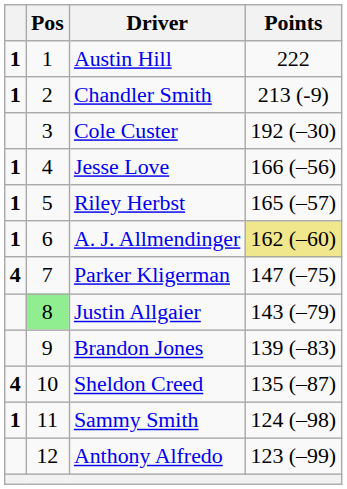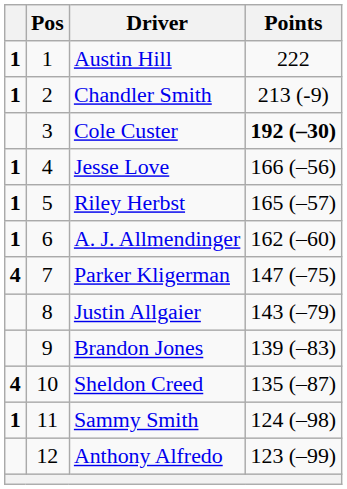 <table class="wikitable" style="font-size: 95%;">
 <tr>
 <th></th>
 <th>Pos</th>
 <th>Driver</th>
 <th>Points</th>
 </tr>
 <tr>
 <td align="left"> <strong>1</strong></td>
 <td style="text-align:center;">1</td>
 <td><a href='#'>Austin Hill</a></td>
 <td style="text-align:center;">222</td>
 </tr>
 <tr>
 <td align="left"> <strong>1</strong></td>
 <td style="text-align:center;">2</td>
 <td><a href='#'>Chandler Smith</a></td>
 <td style="text-align:center;">213 (-9)</td>
 </tr>
 <tr>
 <td align="left"></td>
 <td style="text-align:center;">3</td>
 <td><a href='#'>Cole Custer</a></td>
-<td style="text-align:center;">192 (–30)</td>
+<td style="text-align:center;"><strong>192 (–30)</strong></td>
 </tr>
 <tr>
 <td align="left"> <strong>1</strong></td>
 <td style="text-align:center;">4</td>
 <td><a href='#'>Jesse Love</a></td>
 <td style="text-align:center;">166 (–56)</td>
 </tr>
 <tr>
 <td align="left"> <strong>1</strong></td>
 <td style="text-align:center;">5</td>
 <td><a href='#'>Riley Herbst</a></td>
 <td style="text-align:center;">165 (–57)</td>
 </tr>
 <tr>
 <td align="left"> <strong>1</strong></td>
 <td style="text-align:center;">6</td>
 <td><a href='#'>A. J. Allmendinger</a></td>
-<td style="background: khaki; text-align:center;">162 (–60)</td>
+<td style="text-align:center;">162 (–60)</td>
 </tr>
 <tr>
 <td align="left"> <strong>4</strong></td>
 <td style="text-align:center;">7</td>
 <td><a href='#'>Parker Kligerman</a></td>
 <td style="text-align:center;">147 (–75)</td>
 </tr>
 <tr>
 <td align="left"></td>
-<td style="background: lightgreen; text-align:center;">8</td>
+<td style="text-align:center;">8</td>
 <td><a href='#'>Justin Allgaier</a></td>
 <td style="text-align:center;">143 (–79)</td>
 </tr>
 <tr>
 <td align="left"></td>
 <td style="text-align:center;">9</td>
 <td><a href='#'>Brandon Jones</a></td>
 <td style="text-align:center;">139 (–83)</td>
 </tr>
 <tr>
 <td align="left"> <strong>4</strong></td>
 <td style="text-align:center;">10</td>
 <td><a href='#'>Sheldon Creed</a></td>
 <td style="text-align:center;">135 (–87)</td>
 </tr>
 <tr>
 <td align="left"> <strong>1</strong></td>
 <td style="text-align:center;">11</td>
 <td><a href='#'>Sammy Smith</a></td>
 <td style="text-align:center;">124 (–98)</td>
 </tr>
 <tr>
 <td align="left"></td>
 <td style="text-align:center;">12</td>
 <td><a href='#'>Anthony Alfredo</a></td>
 <td style="text-align:center;">123 (–99)</td>
 </tr>
 <tr class="sortbottom">
 <th colspan="9"></th>
 </tr>
 </table>
